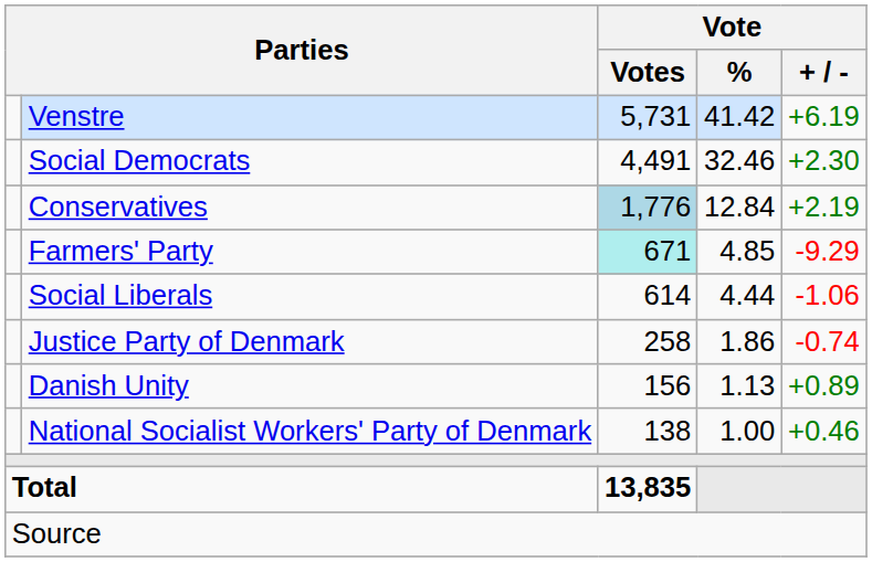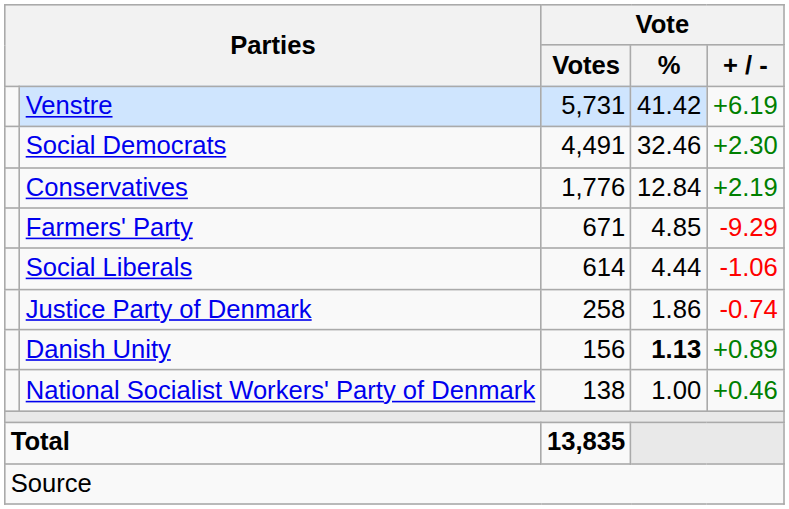 <table class="wikitable" style="text-align:right;">
 <tr>
 <th style="text-align:centre;" rowspan="2" colspan="2" width="225">Parties</th>
 <th colspan="3">Vote</th>
 </tr>
 <tr>
 <th width="15">Votes</th>
 <th width="15">%</th>
 <th width="15">+ / -</th>
 </tr>
 <tr>
 <td width="2" style="color:inherit;background:"></td>
 <td bgcolor=#cfe5fe  align="left"><a href='#'>Venstre</a></td>
 <td bgcolor=#cfe5fe>5,731</td>
 <td bgcolor=#cfe5fe>41.42</td>
 <td style=color:green;>+6.19</td>
 </tr>
 <tr>
 <td width="2" style="color:inherit;background:"></td>
 <td align="left"><a href='#'>Social Democrats</a></td>
 <td>4,491</td>
 <td>32.46</td>
 <td style=color:green;>+2.30</td>
 </tr>
 <tr>
 <td width="2" style="color:inherit;background:"></td>
 <td align="left"><a href='#'>Conservatives</a></td>
-<td style="background: lightblue;">1,776</td>
+<td>1,776</td>
 <td>12.84</td>
 <td style=color:green;>+2.19</td>
 </tr>
 <tr>
 <td width="2" style="color:inherit;background:"></td>
 <td align="left"><a href='#'>Farmers' Party</a></td>
-<td style="background: paleturquoise;">671</td>
+<td>671</td>
 <td>4.85</td>
 <td style=color:red;>-9.29</td>
 </tr>
 <tr>
 <td width="2" style="color:inherit;background:"></td>
 <td align="left"><a href='#'>Social Liberals</a></td>
 <td>614</td>
 <td>4.44</td>
 <td style=color:red;>-1.06</td>
 </tr>
 <tr>
 <td width="2" style="color:inherit;background:"></td>
 <td align="left"><a href='#'>Justice Party of Denmark</a></td>
 <td>258</td>
 <td>1.86</td>
 <td style=color:red;>-0.74</td>
 </tr>
 <tr>
 <td width="2" style="color:inherit;background:"></td>
 <td align="left"><a href='#'>Danish Unity</a></td>
 <td>156</td>
-<td>1.13</td>
+<td><strong>1.13</strong></td>
 <td style=color:green;>+0.89</td>
 </tr>
 <tr>
 <td width="2" style="color:inherit;background:"></td>
 <td align="left"><a href='#'>National Socialist Workers' Party of Denmark</a></td>
 <td>138</td>
 <td>1.00</td>
 <td style=color:green;>+0.46</td>
 </tr>
 <tr>
 <td colspan="7" bgcolor="#E9E9E9"></td>
 </tr>
 <tr>
 <td align="left" colspan="2"><strong>Total</strong></td>
 <td><strong>13,835</strong></td>
 <td bgcolor="#E9E9E9" colspan="2"></td>
 </tr>
 <tr>
 <td align="left" colspan="6">Source</td>
 </tr>
 </table>
